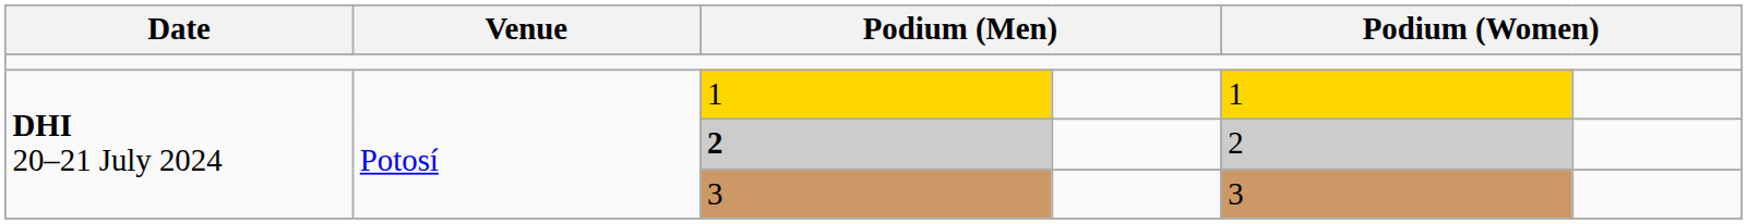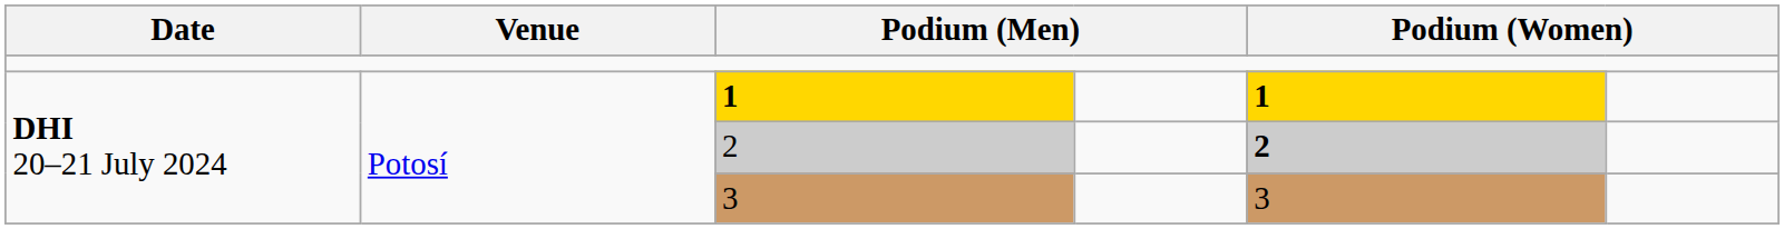 <table class="wikitable" width=70%>
 <tr>
 <th>Date</th>
 <th width=20%>Venue</th>
 <th colspan=2 width=30%>Podium (Men)</th>
 <th colspan=2 width=30%>Podium (Women)</th>
 </tr>
 <tr>
 <td colspan=6></td>
 </tr>
 <tr>
 <td rowspan=3><strong>DHI</strong> <br> 20–21 July 2024</td>
 <td rowspan=3><br><a href='#'>Potosí</a></td>
-<td bgcolor=FFD700>1</td>
+<td bgcolor=FFD700><strong>1</strong></td>
 <td></td>
-<td bgcolor=FFD700>1</td>
+<td bgcolor=FFD700><strong>1</strong></td>
 <td></td>
 </tr>
 <tr>
+<td bgcolor=CCCCCC>2</td>
+<td></td>
 <td bgcolor=CCCCCC><strong>2</strong></td>
-<td></td>
-<td bgcolor=CCCCCC>2</td>
 <td></td>
 </tr>
 <tr>
 <td bgcolor=CC9966>3</td>
 <td></td>
 <td bgcolor=CC9966>3</td>
 <td></td>
 </tr>
 </table>
